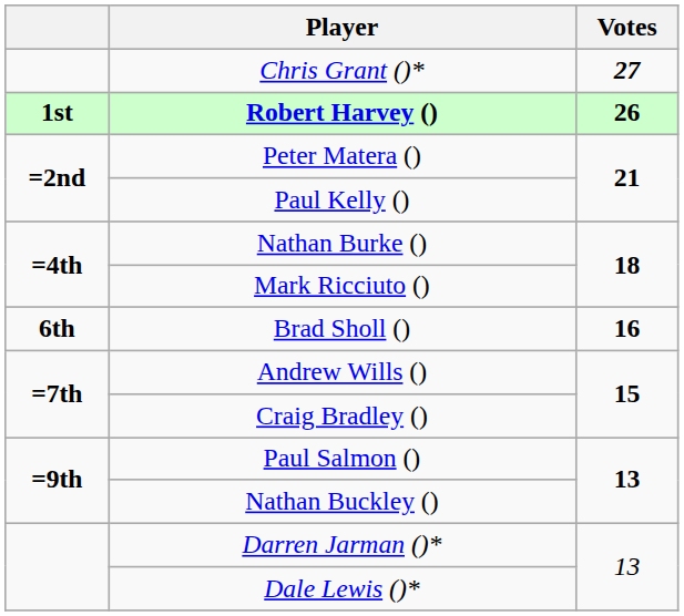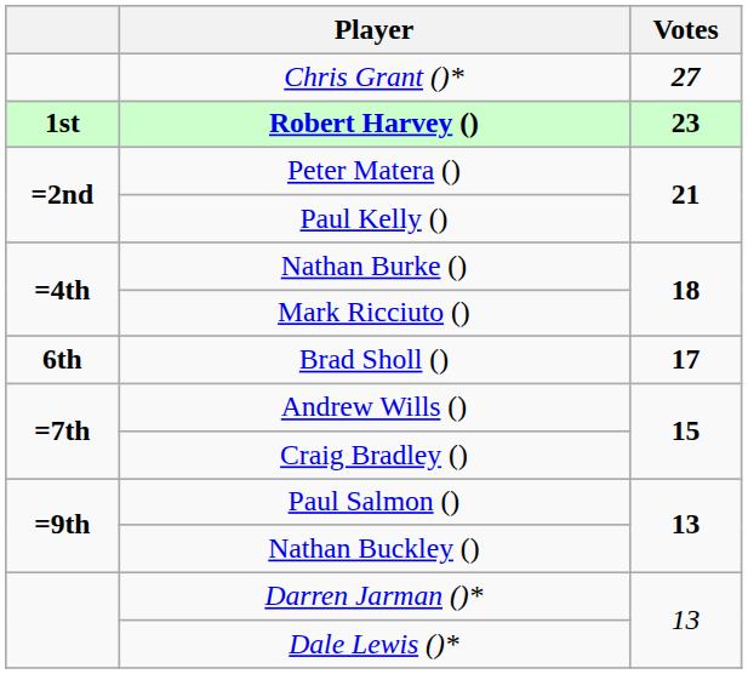 <table class="wikitable" style="text-align: center; font-size: 90%;">
 <tr>
 <th width="50"></th>
 <th width="250">Player</th>
 <th width="50">Votes</th>
 </tr>
 <tr>
 <td></td>
 <td><em><a href='#'>Chris Grant</a> ()*</em></td>
 <td><strong><em>27</em></strong></td>
 </tr>
 <tr style="background: #CCFFCC;">
 <td><strong>1st</strong></td>
 <td><strong><a href='#'>Robert Harvey</a> () </strong></td>
-<td><strong>26</strong></td>
+<td><strong>23</strong></td>
 </tr>
 <tr>
 <td rowspan=2><strong>=2nd</strong></td>
 <td><a href='#'>Peter Matera</a> ()</td>
 <td rowspan=2><strong>21</strong></td>
 </tr>
 <tr>
 <td><a href='#'>Paul Kelly</a> ()</td>
 </tr>
 <tr>
 <td rowspan=2><strong>=4th</strong></td>
 <td><a href='#'>Nathan Burke</a> ()</td>
 <td rowspan=2><strong>18</strong></td>
 </tr>
 <tr>
 <td><a href='#'>Mark Ricciuto</a> ()</td>
 </tr>
 <tr>
 <td><strong>6th</strong></td>
 <td><a href='#'>Brad Sholl</a> ()</td>
-<td><strong>16</strong></td>
+<td><strong>17</strong></td>
 </tr>
 <tr>
 <td rowspan=2><strong>=7th</strong></td>
 <td><a href='#'>Andrew Wills</a> ()</td>
 <td rowspan=2><strong>15</strong></td>
 </tr>
 <tr>
 <td><a href='#'>Craig Bradley</a> ()</td>
 </tr>
 <tr>
 <td rowspan=2><strong>=9th</strong></td>
 <td><a href='#'>Paul Salmon</a> ()</td>
 <td rowspan=2><strong>13</strong></td>
 </tr>
 <tr>
 <td><a href='#'>Nathan Buckley</a> ()</td>
 </tr>
 <tr>
 <td rowspan=2></td>
 <td><em><a href='#'>Darren Jarman</a> ()*</em></td>
 <td rowspan=2><em>13</em></td>
 </tr>
 <tr>
 <td><em><a href='#'>Dale Lewis</a> ()*</em></td>
 </tr>
 </table>
